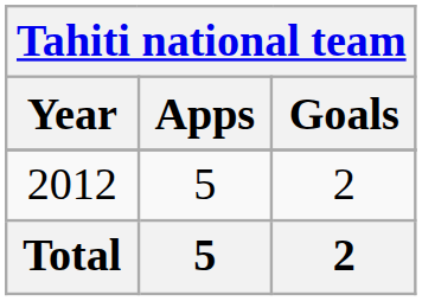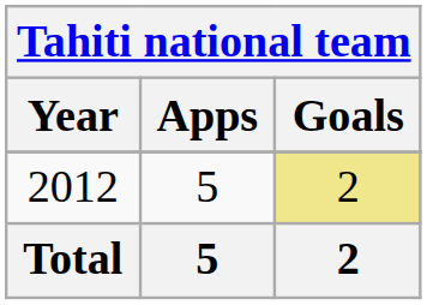 <table class="wikitable" style="text-align:center">
 <tr>
 <th colspan=3><a href='#'>Tahiti national team</a></th>
 </tr>
 <tr>
 <th>Year</th>
 <th>Apps</th>
 <th>Goals</th>
 </tr>
 <tr>
 </tr>
 <tr>
 <td>2012</td>
 <td>5</td>
-<td>2</td>
+<td style="background: khaki;">2</td>
 </tr>
 <tr>
 <th>Total</th>
 <th>5</th>
 <th>2</th>
 </tr>
 </table>
